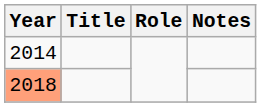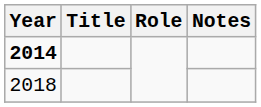 <table class="wikitable plainrowheaders">
 <tr>
 <th scope="col">Year</th>
 <th scope="col">Title</th>
 <th scope="col">Role</th>
 <th scope="col" class="unsortable">Notes</th>
 </tr>
 <tr>
-<td>2014</td>
+<td><strong>2014</strong></td>
 <td><em></em></td>
 <td rowspan="2"></td>
 <td></td>
 </tr>
 <tr>
-<td style="background: lightsalmon;">2018</td>
+<td>2018</td>
 <td></td>
 <td></td>
 </tr>
 </table>
